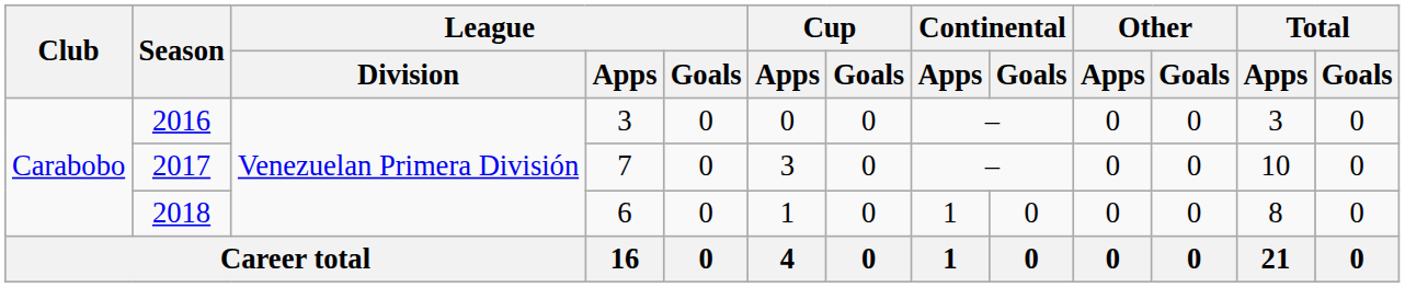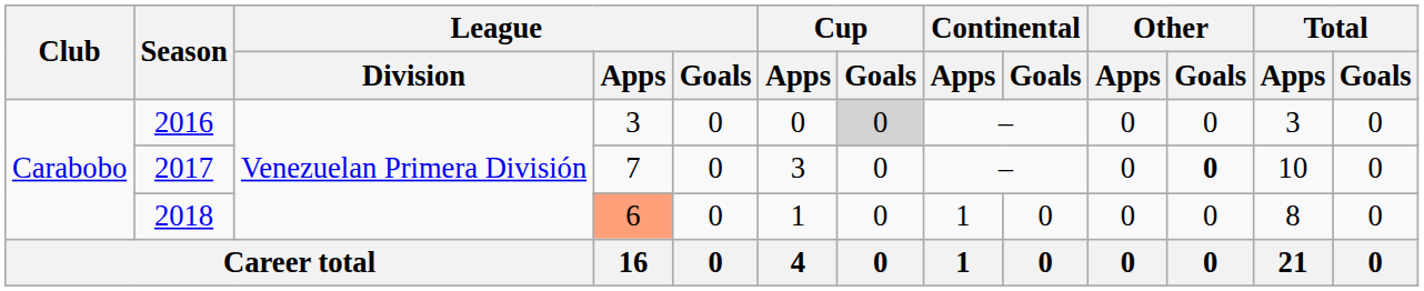 <table class="wikitable" style="text-align: center">
 <tr>
 <th rowspan="2">Club</th>
 <th rowspan="2">Season</th>
 <th colspan="3">League</th>
 <th colspan="2">Cup</th>
 <th colspan="2">Continental</th>
 <th colspan="2">Other</th>
 <th colspan="2">Total</th>
 </tr>
 <tr>
 <th>Division</th>
 <th>Apps</th>
 <th>Goals</th>
 <th>Apps</th>
 <th>Goals</th>
 <th>Apps</th>
 <th>Goals</th>
 <th>Apps</th>
 <th>Goals</th>
 <th>Apps</th>
 <th>Goals</th>
 </tr>
 <tr>
 <td rowspan="3"><a href='#'>Carabobo</a></td>
 <td><a href='#'>2016</a></td>
 <td rowspan="3"><a href='#'>Venezuelan Primera División</a></td>
 <td>3</td>
 <td>0</td>
 <td>0</td>
-<td>0</td>
+<td style="background: lightgrey;">0</td>
 <td colspan="2">–</td>
 <td>0</td>
 <td>0</td>
 <td>3</td>
 <td>0</td>
 </tr>
 <tr>
 <td><a href='#'>2017</a></td>
 <td>7</td>
 <td>0</td>
 <td>3</td>
 <td>0</td>
 <td colspan="2">–</td>
 <td>0</td>
-<td>0</td>
+<td><strong>0</strong></td>
 <td>10</td>
 <td>0</td>
 </tr>
 <tr>
 <td><a href='#'>2018</a></td>
-<td>6</td>
+<td style="background: lightsalmon;">6</td>
 <td>0</td>
 <td>1</td>
 <td>0</td>
 <td>1</td>
 <td>0</td>
 <td>0</td>
 <td>0</td>
 <td>8</td>
 <td>0</td>
 </tr>
 <tr>
 <th colspan="3"><strong>Career total</strong></th>
 <th>16</th>
 <th>0</th>
 <th>4</th>
 <th>0</th>
 <th>1</th>
 <th>0</th>
 <th>0</th>
 <th>0</th>
 <th>21</th>
 <th>0</th>
 </tr>
 </table>
